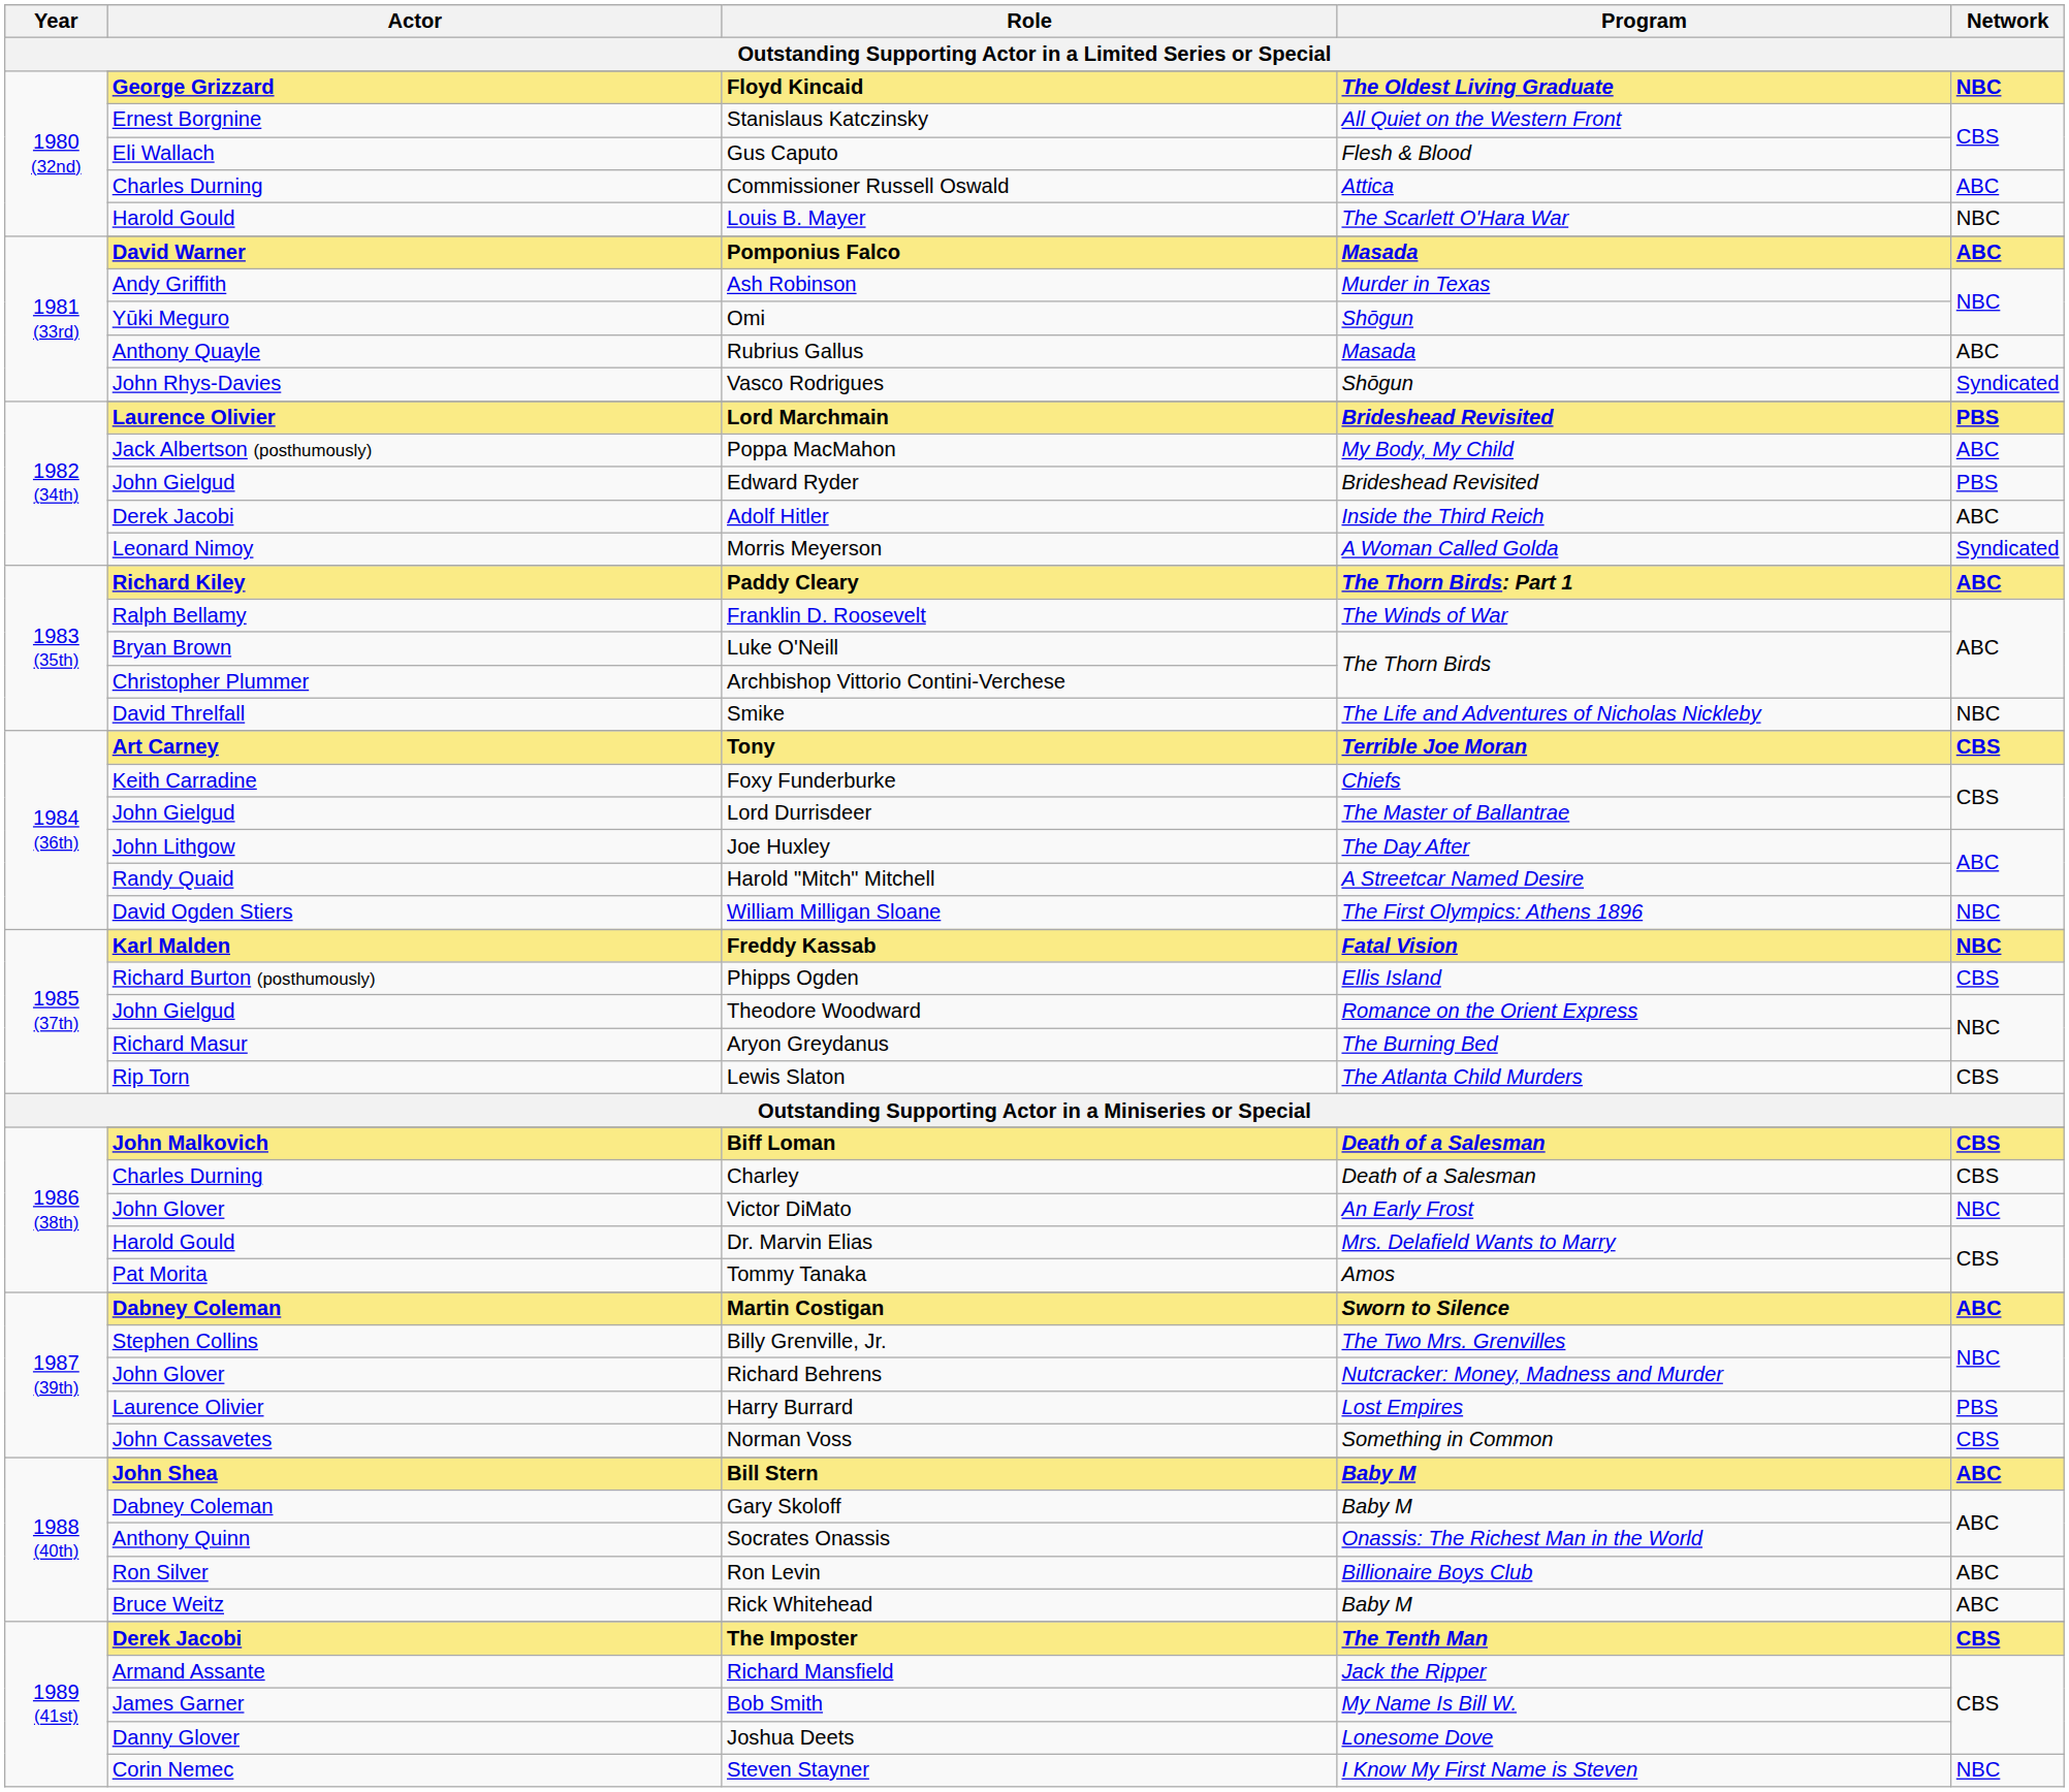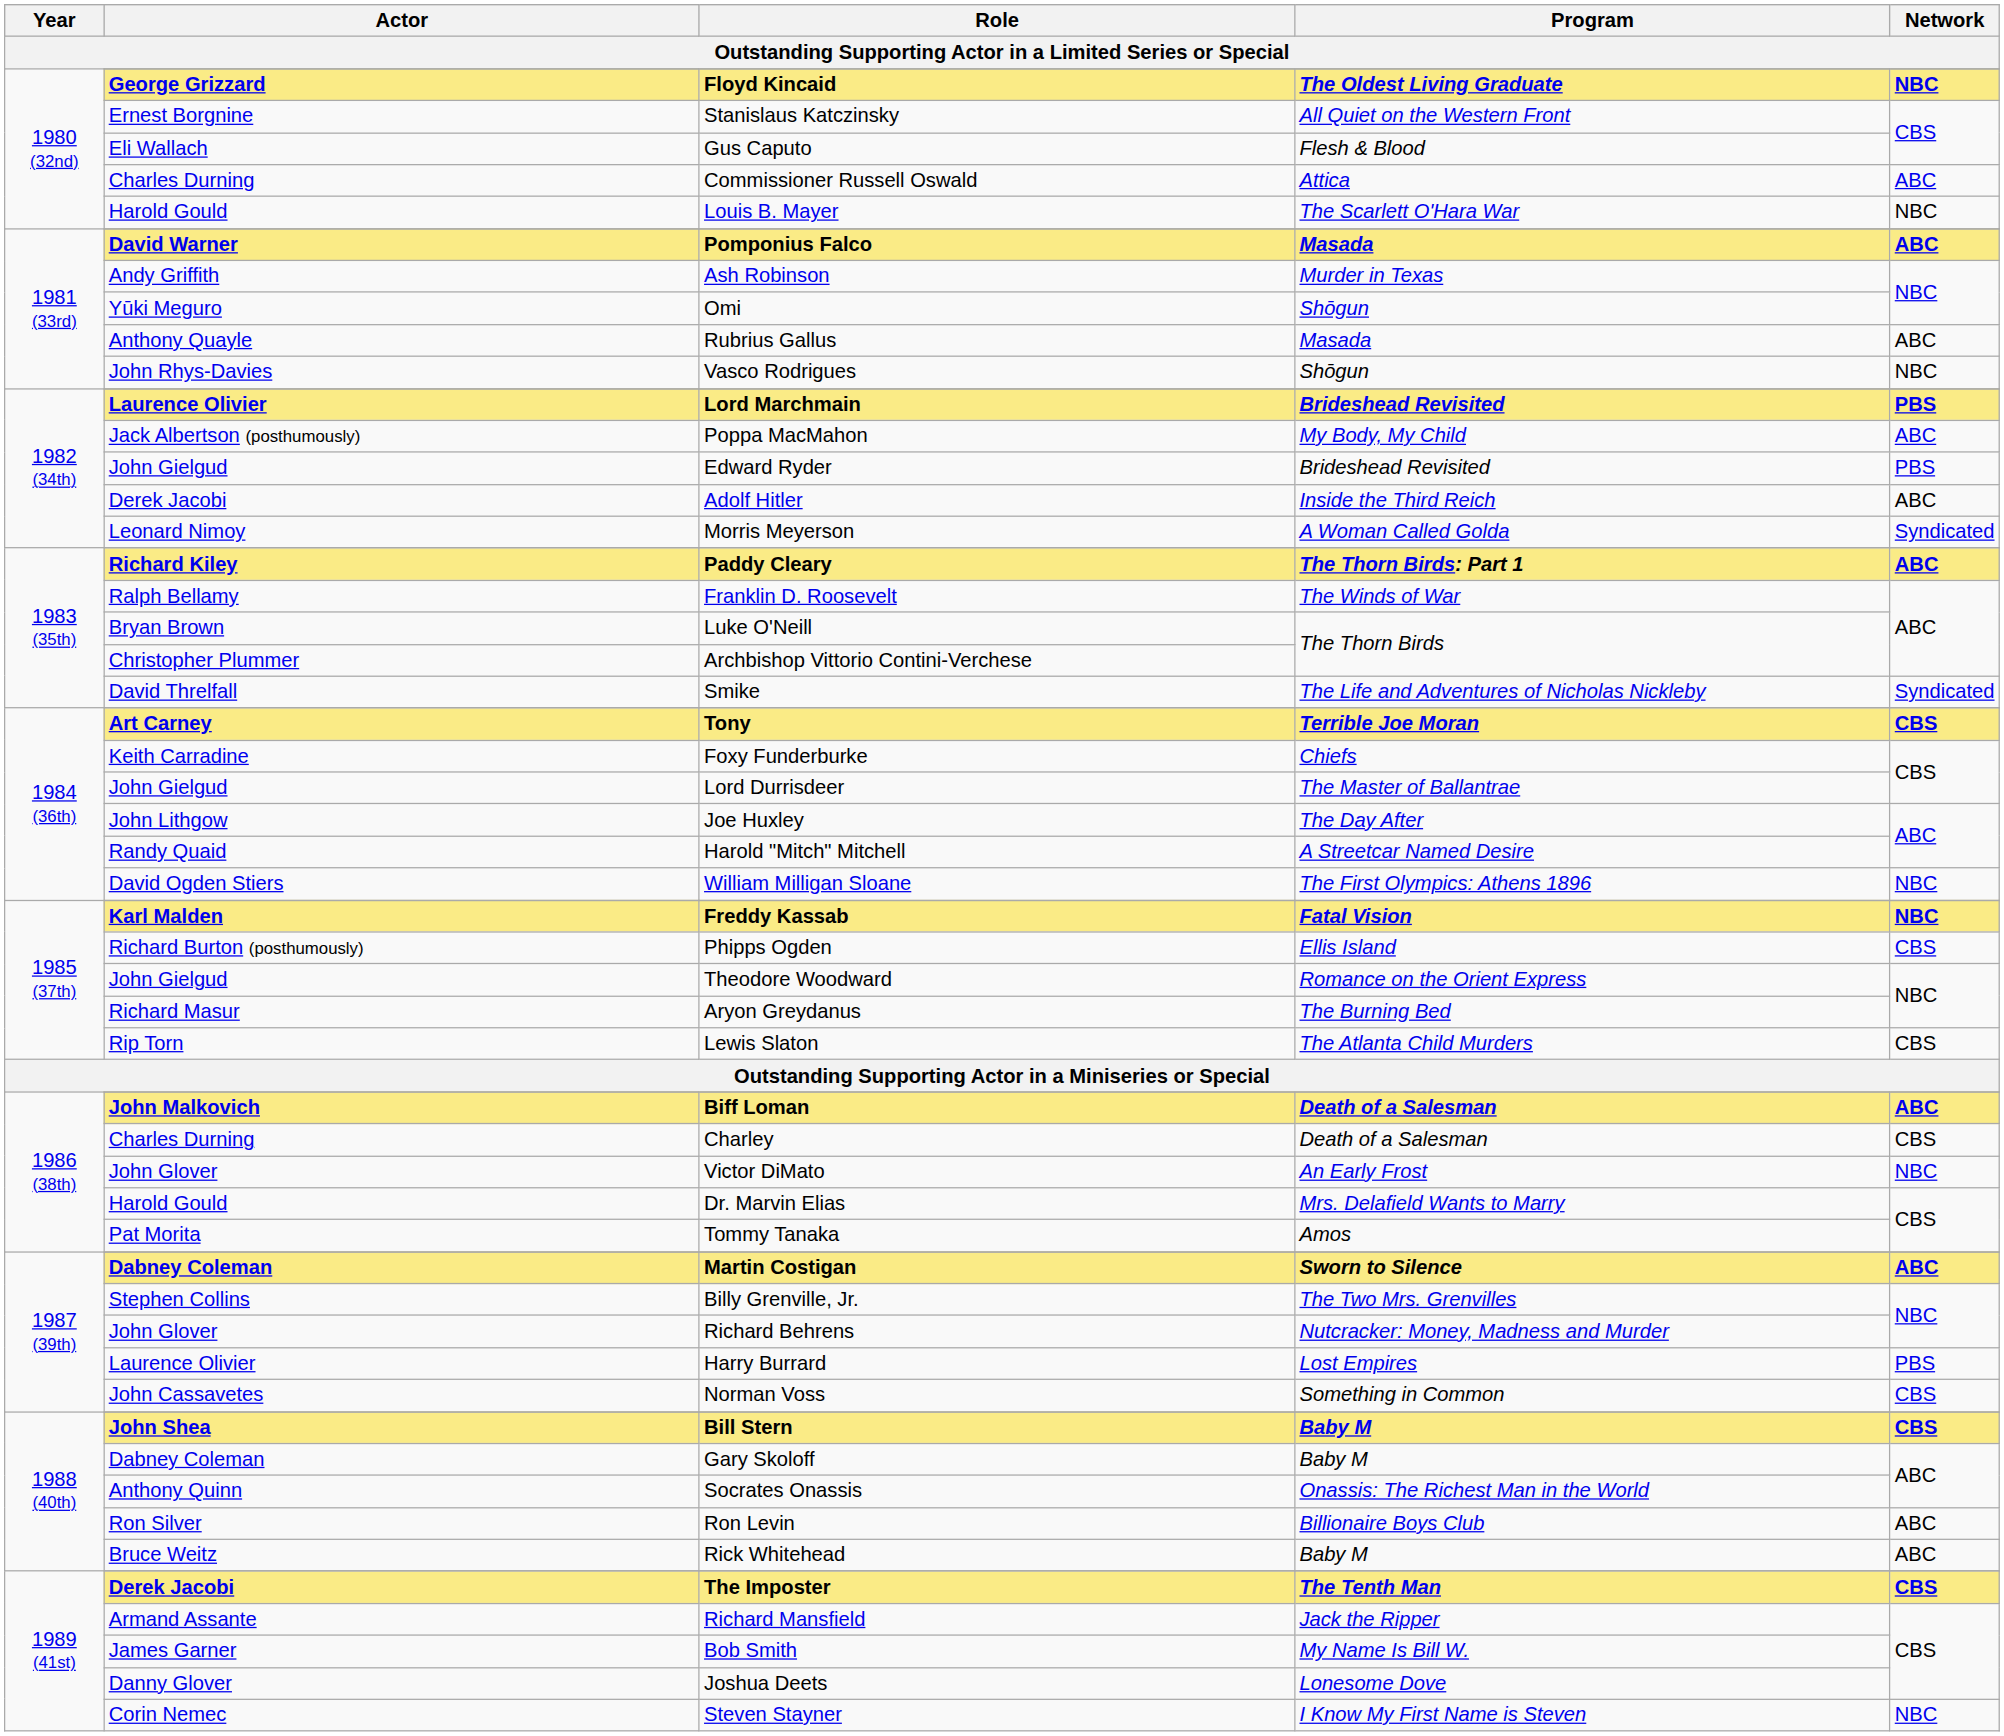 <table class="wikitable" style="width:100%">
 <tr bgcolor="#bebebe">
 <th width="5%">Year</th>
 <th width="30%">Actor</th>
 <th width="30%">Role</th>
 <th width="30%">Program</th>
 <th width="5%">Network</th>
 </tr>
 <tr>
 <th colspan=5>Outstanding Supporting Actor in a Limited Series or Special</th>
 </tr>
 <tr>
 <td rowspan=6 style="text-align:center"><a href='#'>1980</a><br><small><a href='#'>(32nd)</a></small></td>
 </tr>
 <tr style="background:#FAEB86;">
 <td><strong><a href='#'>George Grizzard</a></strong></td>
 <td><strong>Floyd Kincaid</strong></td>
 <td><strong><em><a href='#'>The Oldest Living Graduate</a></em></strong></td>
 <td><strong><a href='#'>NBC</a></strong></td>
 </tr>
 <tr>
 <td><a href='#'>Ernest Borgnine</a></td>
 <td>Stanislaus Katczinsky</td>
 <td><em><a href='#'>All Quiet on the Western Front</a></em></td>
 <td rowspan=2><a href='#'>CBS</a></td>
 </tr>
 <tr>
 <td><a href='#'>Eli Wallach</a></td>
 <td>Gus Caputo</td>
 <td><em>Flesh & Blood</em></td>
 </tr>
 <tr>
 <td><a href='#'>Charles Durning</a></td>
 <td>Commissioner Russell Oswald</td>
 <td><em><a href='#'>Attica</a></em></td>
 <td><a href='#'>ABC</a></td>
 </tr>
 <tr>
 <td><a href='#'>Harold Gould</a></td>
 <td><a href='#'>Louis B. Mayer</a></td>
 <td><em><a href='#'>The Scarlett O'Hara War</a></em></td>
 <td>NBC</td>
 </tr>
 <tr>
 <td rowspan=6 style="text-align:center"><a href='#'>1981</a><br><small><a href='#'>(33rd)</a></small></td>
 </tr>
 <tr style="background:#FAEB86;">
 <td><strong><a href='#'>David Warner</a></strong></td>
 <td><strong>Pomponius Falco</strong></td>
 <td><strong><em><a href='#'>Masada</a></em></strong></td>
 <td><strong><a href='#'>ABC</a></strong></td>
 </tr>
 <tr>
 <td><a href='#'>Andy Griffith</a></td>
 <td><a href='#'>Ash Robinson</a></td>
 <td><em><a href='#'>Murder in Texas</a></em></td>
 <td rowspan=2><a href='#'>NBC</a></td>
 </tr>
 <tr>
 <td><a href='#'>Yūki Meguro</a></td>
 <td>Omi</td>
 <td><em><a href='#'>Shōgun</a></em></td>
 </tr>
 <tr>
 <td><a href='#'>Anthony Quayle</a></td>
 <td>Rubrius Gallus</td>
 <td><em><a href='#'>Masada</a></em></td>
 <td>ABC</td>
 </tr>
 <tr>
 <td><a href='#'>John Rhys-Davies</a></td>
 <td>Vasco Rodrigues</td>
 <td><em>Shōgun</em></td>
-<td><a href='#'>Syndicated</a></td>
+<td>NBC</td>
 </tr>
 <tr>
 <td rowspan=6 style="text-align:center"><a href='#'>1982</a><br><small><a href='#'>(34th)</a></small></td>
 </tr>
 <tr style="background:#FAEB86;">
 <td><strong><a href='#'>Laurence Olivier</a></strong></td>
 <td><strong>Lord Marchmain</strong></td>
 <td><strong><em><a href='#'>Brideshead Revisited</a></em></strong></td>
 <td><strong><a href='#'>PBS</a></strong></td>
 </tr>
 <tr>
 <td><a href='#'>Jack Albertson</a> <small>(posthumously)</small></td>
 <td>Poppa MacMahon</td>
 <td><em><a href='#'>My Body, My Child</a></em></td>
 <td><a href='#'>ABC</a></td>
 </tr>
 <tr>
 <td><a href='#'>John Gielgud</a></td>
 <td>Edward Ryder</td>
 <td><em>Brideshead Revisited</em></td>
 <td><a href='#'>PBS</a></td>
 </tr>
 <tr>
 <td><a href='#'>Derek Jacobi</a></td>
 <td><a href='#'>Adolf Hitler</a></td>
 <td><em><a href='#'>Inside the Third Reich</a></em></td>
 <td>ABC</td>
 </tr>
 <tr>
 <td><a href='#'>Leonard Nimoy</a></td>
 <td>Morris Meyerson</td>
 <td><em><a href='#'>A Woman Called Golda</a></em></td>
 <td><a href='#'>Syndicated</a></td>
 </tr>
 <tr>
 <td rowspan=6 style="text-align:center"><a href='#'>1983</a><br><small><a href='#'>(35th)</a></small></td>
 </tr>
 <tr style="background:#FAEB86;">
 <td><strong><a href='#'>Richard Kiley</a></strong></td>
 <td><strong>Paddy Cleary</strong></td>
 <td><strong><em><a href='#'>The Thorn Birds</a>: Part 1</em></strong></td>
 <td><strong><a href='#'>ABC</a></strong></td>
 </tr>
 <tr>
 <td><a href='#'>Ralph Bellamy</a></td>
 <td><a href='#'>Franklin D. Roosevelt</a></td>
 <td><em><a href='#'>The Winds of War</a></em></td>
 <td rowspan=3>ABC</td>
 </tr>
 <tr>
 <td><a href='#'>Bryan Brown</a></td>
 <td>Luke O'Neill</td>
 <td rowspan=2><em>The Thorn Birds</em></td>
 </tr>
 <tr>
 <td><a href='#'>Christopher Plummer</a></td>
 <td>Archbishop Vittorio Contini-Verchese</td>
 </tr>
 <tr>
 <td><a href='#'>David Threlfall</a></td>
 <td>Smike</td>
 <td><em><a href='#'>The Life and Adventures of Nicholas Nickleby</a></em></td>
-<td>NBC</td>
+<td><a href='#'>Syndicated</a></td>
 </tr>
 <tr>
 <td rowspan=7 style="text-align:center"><a href='#'>1984</a><br><small><a href='#'>(36th)</a></small></td>
 </tr>
 <tr style="background:#FAEB86;">
 <td><strong><a href='#'>Art Carney</a></strong></td>
 <td><strong>Tony</strong></td>
 <td><strong><em><a href='#'>Terrible Joe Moran</a></em></strong></td>
 <td><strong><a href='#'>CBS</a></strong></td>
 </tr>
 <tr>
 <td><a href='#'>Keith Carradine</a></td>
 <td>Foxy Funderburke</td>
 <td><em><a href='#'>Chiefs</a></em></td>
 <td rowspan=2>CBS</td>
 </tr>
 <tr>
 <td><a href='#'>John Gielgud</a></td>
 <td>Lord Durrisdeer</td>
 <td><em><a href='#'>The Master of Ballantrae</a></em></td>
 </tr>
 <tr>
 <td><a href='#'>John Lithgow</a></td>
 <td>Joe Huxley</td>
 <td><em><a href='#'>The Day After</a></em></td>
 <td rowspan=2><a href='#'>ABC</a></td>
 </tr>
 <tr>
 <td><a href='#'>Randy Quaid</a></td>
 <td>Harold "Mitch" Mitchell</td>
 <td><em><a href='#'>A Streetcar Named Desire</a></em></td>
 </tr>
 <tr>
 <td><a href='#'>David Ogden Stiers</a></td>
 <td><a href='#'>William Milligan Sloane</a></td>
 <td><em><a href='#'>The First Olympics: Athens 1896</a></em></td>
 <td><a href='#'>NBC</a></td>
 </tr>
 <tr>
 <td rowspan=6 style="text-align:center"><a href='#'>1985</a><br><small><a href='#'>(37th)</a></small></td>
 </tr>
 <tr style="background:#FAEB86;">
 <td><strong><a href='#'>Karl Malden</a></strong></td>
 <td><strong>Freddy Kassab</strong></td>
 <td><strong><em><a href='#'>Fatal Vision</a></em></strong></td>
 <td><strong><a href='#'>NBC</a></strong></td>
 </tr>
 <tr>
 <td><a href='#'>Richard Burton</a> <small>(posthumously)</small></td>
 <td>Phipps Ogden</td>
 <td><em><a href='#'>Ellis Island</a></em></td>
 <td><a href='#'>CBS</a></td>
 </tr>
 <tr>
 <td><a href='#'>John Gielgud</a></td>
 <td>Theodore Woodward</td>
 <td><em><a href='#'>Romance on the Orient Express</a></em></td>
 <td rowspan=2>NBC</td>
 </tr>
 <tr>
 <td><a href='#'>Richard Masur</a></td>
 <td>Aryon Greydanus</td>
 <td><em><a href='#'>The Burning Bed</a></em></td>
 </tr>
 <tr>
 <td><a href='#'>Rip Torn</a></td>
 <td>Lewis Slaton</td>
 <td><em><a href='#'>The Atlanta Child Murders</a></em></td>
 <td>CBS</td>
 </tr>
 <tr>
 <th colspan=5>Outstanding Supporting Actor in a Miniseries or Special</th>
 </tr>
 <tr>
 <td rowspan=6 style="text-align:center"><a href='#'>1986</a><br><small><a href='#'>(38th)</a></small></td>
 </tr>
 <tr style="background:#FAEB86;">
 <td><strong><a href='#'>John Malkovich</a></strong></td>
 <td><strong>Biff Loman</strong></td>
 <td><strong><em><a href='#'>Death of a Salesman</a></em></strong></td>
-<td><strong><a href='#'>CBS</a></strong></td>
+<td><strong><a href='#'>ABC</a></strong></td>
 </tr>
 <tr>
 <td><a href='#'>Charles Durning</a></td>
 <td>Charley</td>
 <td><em>Death of a Salesman</em></td>
 <td>CBS</td>
 </tr>
 <tr>
 <td><a href='#'>John Glover</a></td>
 <td>Victor DiMato</td>
 <td><em><a href='#'>An Early Frost</a></em></td>
 <td><a href='#'>NBC</a></td>
 </tr>
 <tr>
 <td><a href='#'>Harold Gould</a></td>
 <td>Dr. Marvin Elias</td>
 <td><em><a href='#'>Mrs. Delafield Wants to Marry</a></em></td>
 <td rowspan=2>CBS</td>
 </tr>
 <tr>
 <td><a href='#'>Pat Morita</a></td>
 <td>Tommy Tanaka</td>
 <td><em>Amos</em></td>
 </tr>
 <tr>
 <td rowspan=6 style="text-align:center"><a href='#'>1987</a><br><small><a href='#'>(39th)</a></small></td>
 </tr>
 <tr style="background:#FAEB86;">
 <td><strong><a href='#'>Dabney Coleman</a></strong></td>
 <td><strong>Martin Costigan</strong></td>
 <td><strong><em>Sworn to Silence</em></strong></td>
 <td><strong><a href='#'>ABC</a></strong></td>
 </tr>
 <tr>
 <td><a href='#'>Stephen Collins</a></td>
 <td>Billy Grenville, Jr.</td>
 <td><em><a href='#'>The Two Mrs. Grenvilles</a></em></td>
 <td rowspan=2><a href='#'>NBC</a></td>
 </tr>
 <tr>
 <td><a href='#'>John Glover</a></td>
 <td>Richard Behrens</td>
 <td><em><a href='#'>Nutcracker: Money, Madness and Murder</a></em></td>
 </tr>
 <tr>
 <td><a href='#'>Laurence Olivier</a></td>
 <td>Harry Burrard</td>
 <td><em><a href='#'>Lost Empires</a></em></td>
 <td><a href='#'>PBS</a></td>
 </tr>
 <tr>
 <td><a href='#'>John Cassavetes</a></td>
 <td>Norman Voss</td>
 <td><em>Something in Common</em></td>
 <td><a href='#'>CBS</a></td>
 </tr>
 <tr>
 <td rowspan=6 style="text-align:center"><a href='#'>1988</a><br><small><a href='#'>(40th)</a></small></td>
 </tr>
 <tr style="background:#FAEB86;">
 <td><strong><a href='#'>John Shea</a></strong></td>
 <td><strong>Bill Stern</strong></td>
 <td><strong><em><a href='#'>Baby M</a></em></strong></td>
-<td><strong><a href='#'>ABC</a></strong></td>
+<td><strong><a href='#'>CBS</a></strong></td>
 </tr>
 <tr>
 <td><a href='#'>Dabney Coleman</a></td>
 <td>Gary Skoloff</td>
 <td><em>Baby M</em></td>
 <td rowspan=2>ABC</td>
 </tr>
 <tr>
 <td><a href='#'>Anthony Quinn</a></td>
 <td>Socrates Onassis</td>
 <td><em><a href='#'>Onassis: The Richest Man in the World</a></em></td>
 </tr>
 <tr>
 <td><a href='#'>Ron Silver</a></td>
 <td>Ron Levin</td>
 <td><em><a href='#'>Billionaire Boys Club</a></em></td>
 <td>ABC</td>
 </tr>
 <tr>
 <td><a href='#'>Bruce Weitz</a></td>
 <td>Rick Whitehead</td>
 <td><em>Baby M</em></td>
 <td>ABC</td>
 </tr>
 <tr>
 <td rowspan=6 style="text-align:center"><a href='#'>1989</a><br><small><a href='#'>(41st)</a></small></td>
 </tr>
 <tr style="background:#FAEB86;">
 <td><strong><a href='#'>Derek Jacobi</a></strong></td>
 <td><strong>The Imposter</strong></td>
 <td><strong><em><a href='#'>The Tenth Man</a></em></strong></td>
 <td><strong><a href='#'>CBS</a></strong></td>
 </tr>
 <tr>
 <td><a href='#'>Armand Assante</a></td>
 <td><a href='#'>Richard Mansfield</a></td>
 <td><em><a href='#'>Jack the Ripper</a></em></td>
 <td rowspan=3>CBS</td>
 </tr>
 <tr>
 <td><a href='#'>James Garner</a></td>
 <td><a href='#'>Bob Smith</a></td>
 <td><em><a href='#'>My Name Is Bill W.</a></em></td>
 </tr>
 <tr>
 <td><a href='#'>Danny Glover</a></td>
 <td>Joshua Deets</td>
 <td><em><a href='#'>Lonesome Dove</a></em></td>
 </tr>
 <tr>
 <td><a href='#'>Corin Nemec</a></td>
 <td><a href='#'>Steven Stayner</a></td>
 <td><em><a href='#'>I Know My First Name is Steven</a></em></td>
 <td><a href='#'>NBC</a></td>
 </tr>
 </table>
